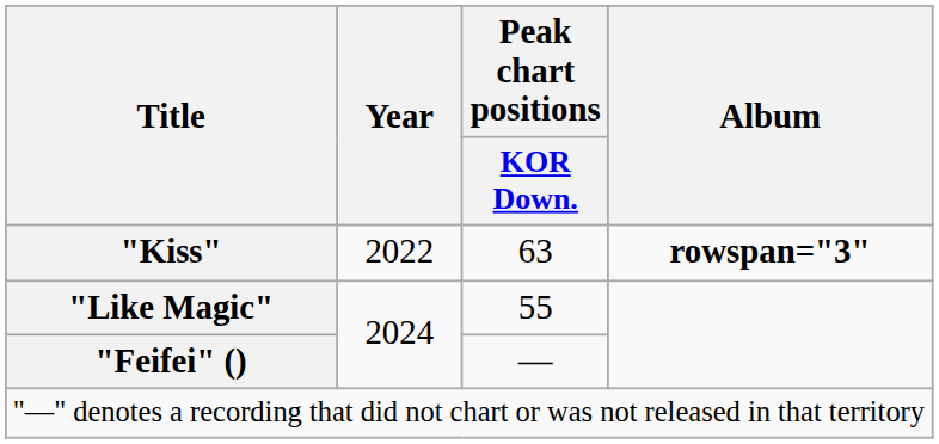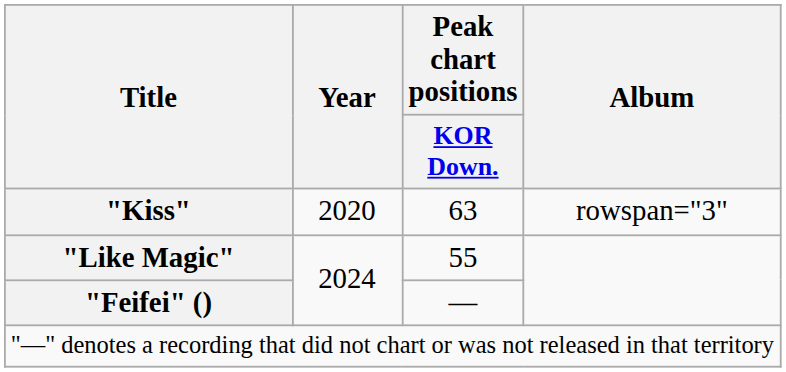 <table class="wikitable plainrowheaders" style="text-align:center">
 <tr>
 <th scope="col" rowspan="2">Title</th>
 <th scope="col" rowspan="2">Year</th>
 <th scope="col">Peak chart<br>positions</th>
 <th scope="col" rowspan="2">Album</th>
 </tr>
 <tr>
 <th scope="col" style="font-size:90%; width:2.5em"><a href='#'>KOR<br>Down.</a><br></th>
 </tr>
 <tr>
 <th scope="row">"Kiss"<br></th>
-<td>2022</td>
+<td>2020</td>
 <td>63</td>
-<td><strong>rowspan="3" </strong></td>
+<td>rowspan="3" </td>
 </tr>
 <tr>
 <th scope="row">"Like Magic"<br></th>
 <td rowspan="2">2024</td>
 <td>55</td>
 </tr>
 <tr>
 <th scope="row">"Feifei" ()</th>
 <td>—</td>
 </tr>
 <tr>
 <td colspan="4" style="font-size:85%">"—" denotes a recording that did not chart or was not released in that territory</td>
 </tr>
 </table>
